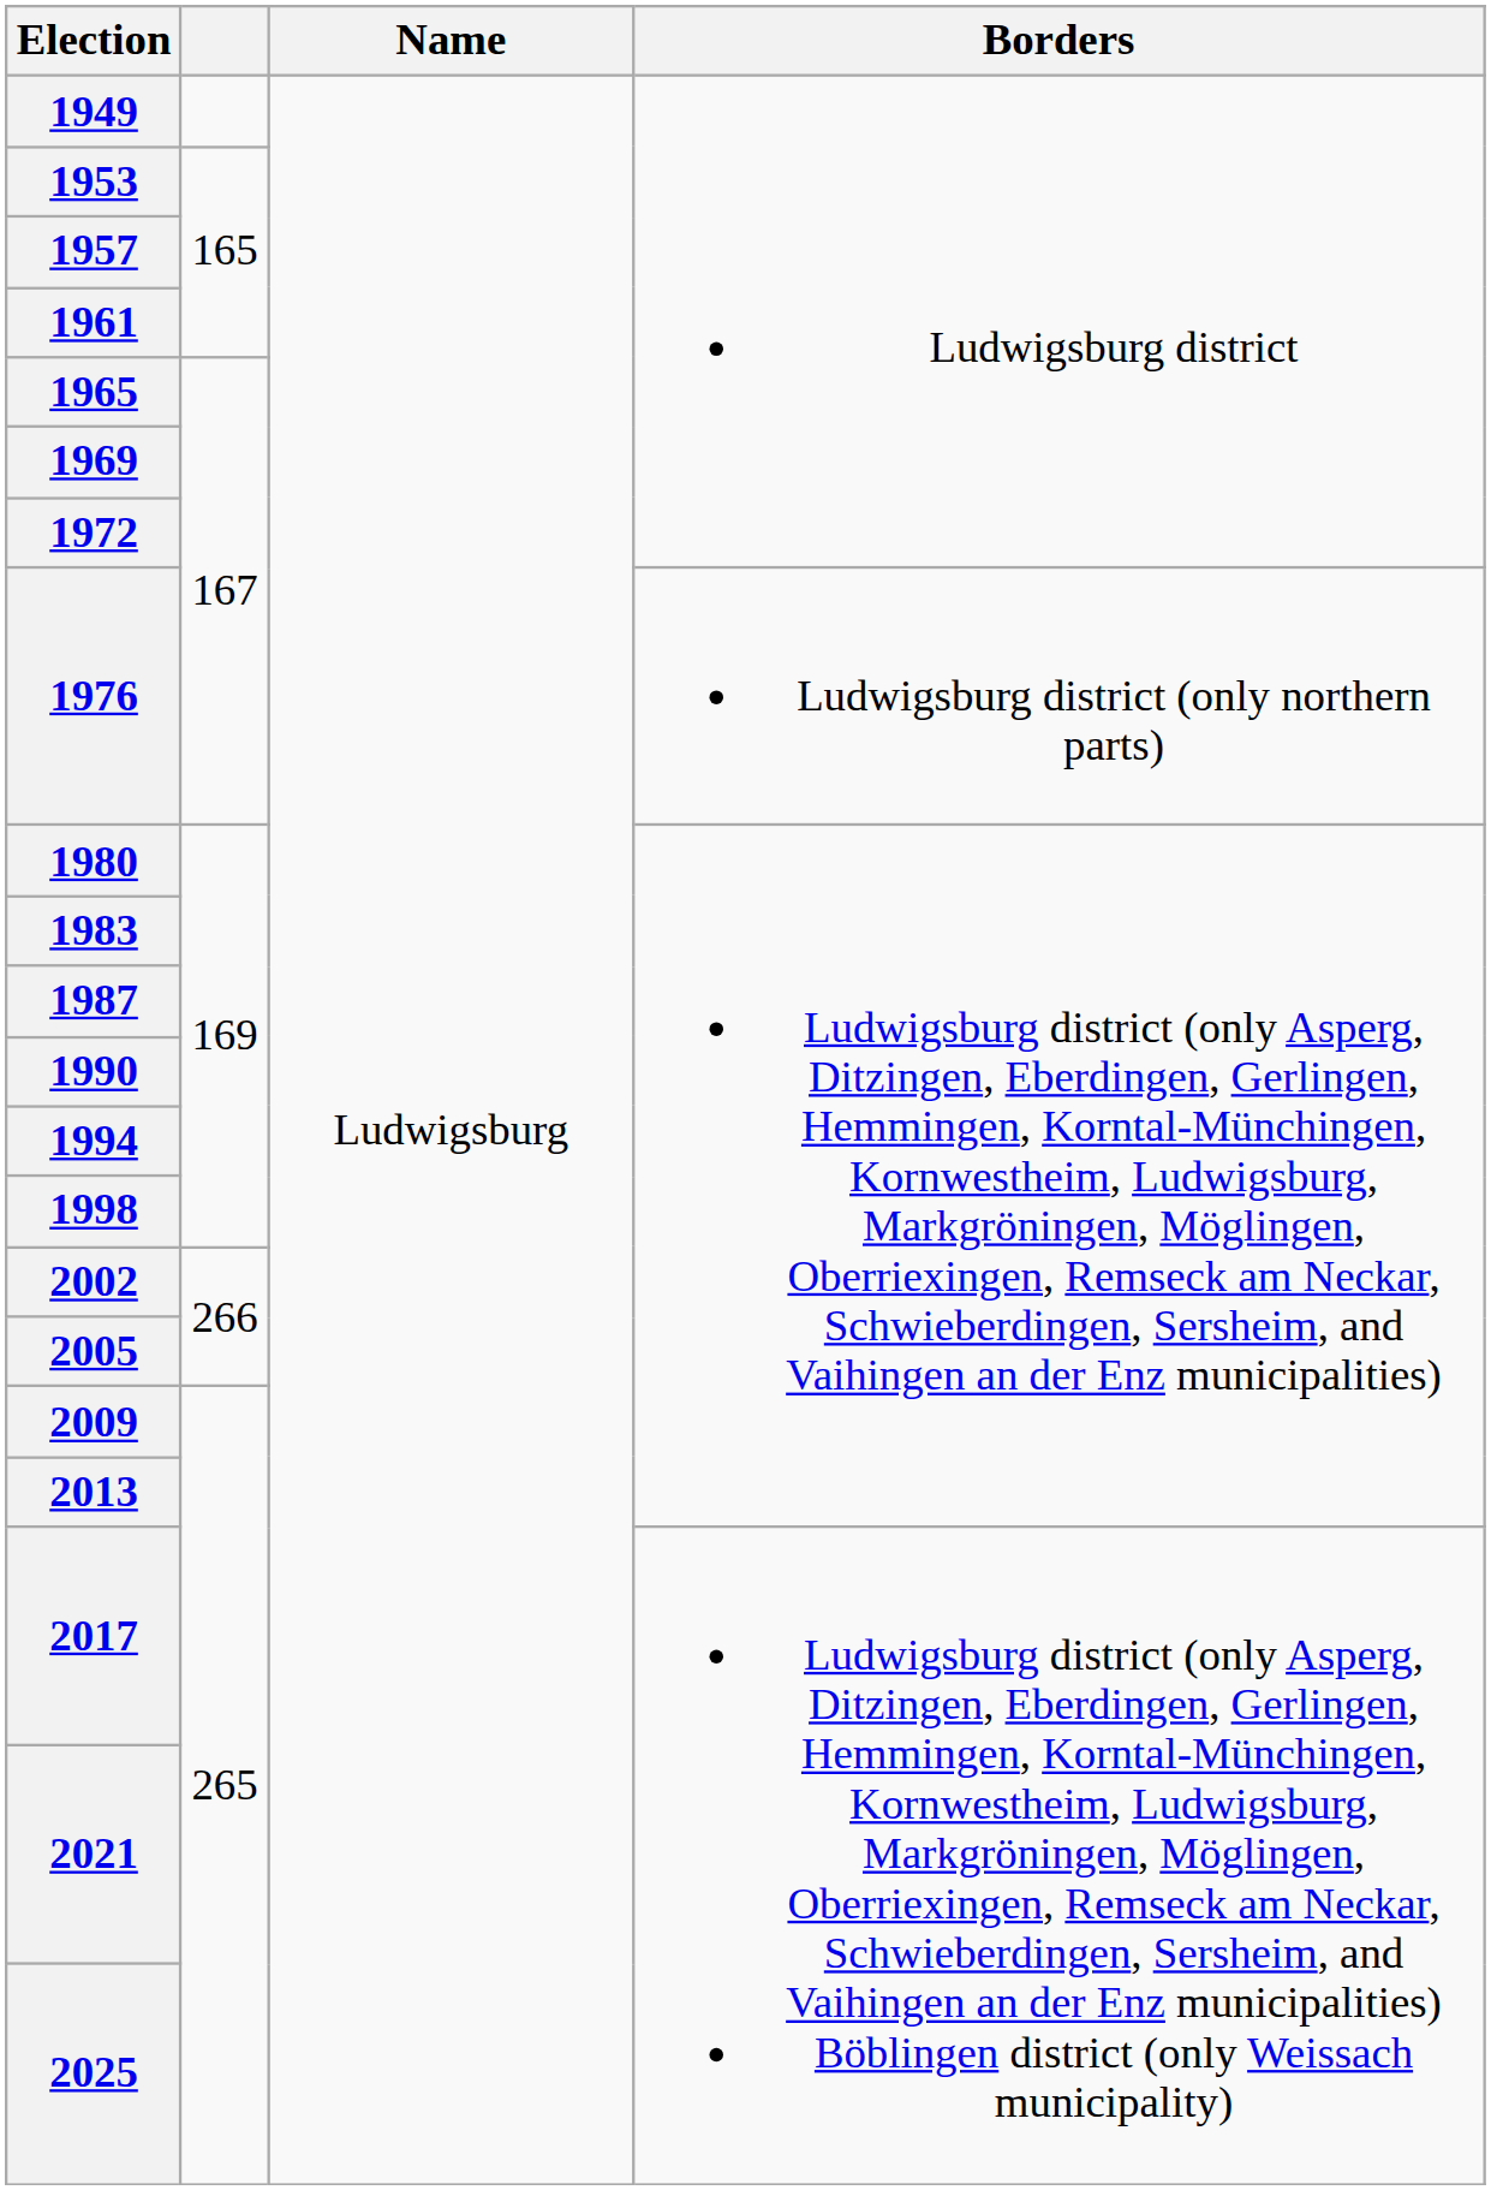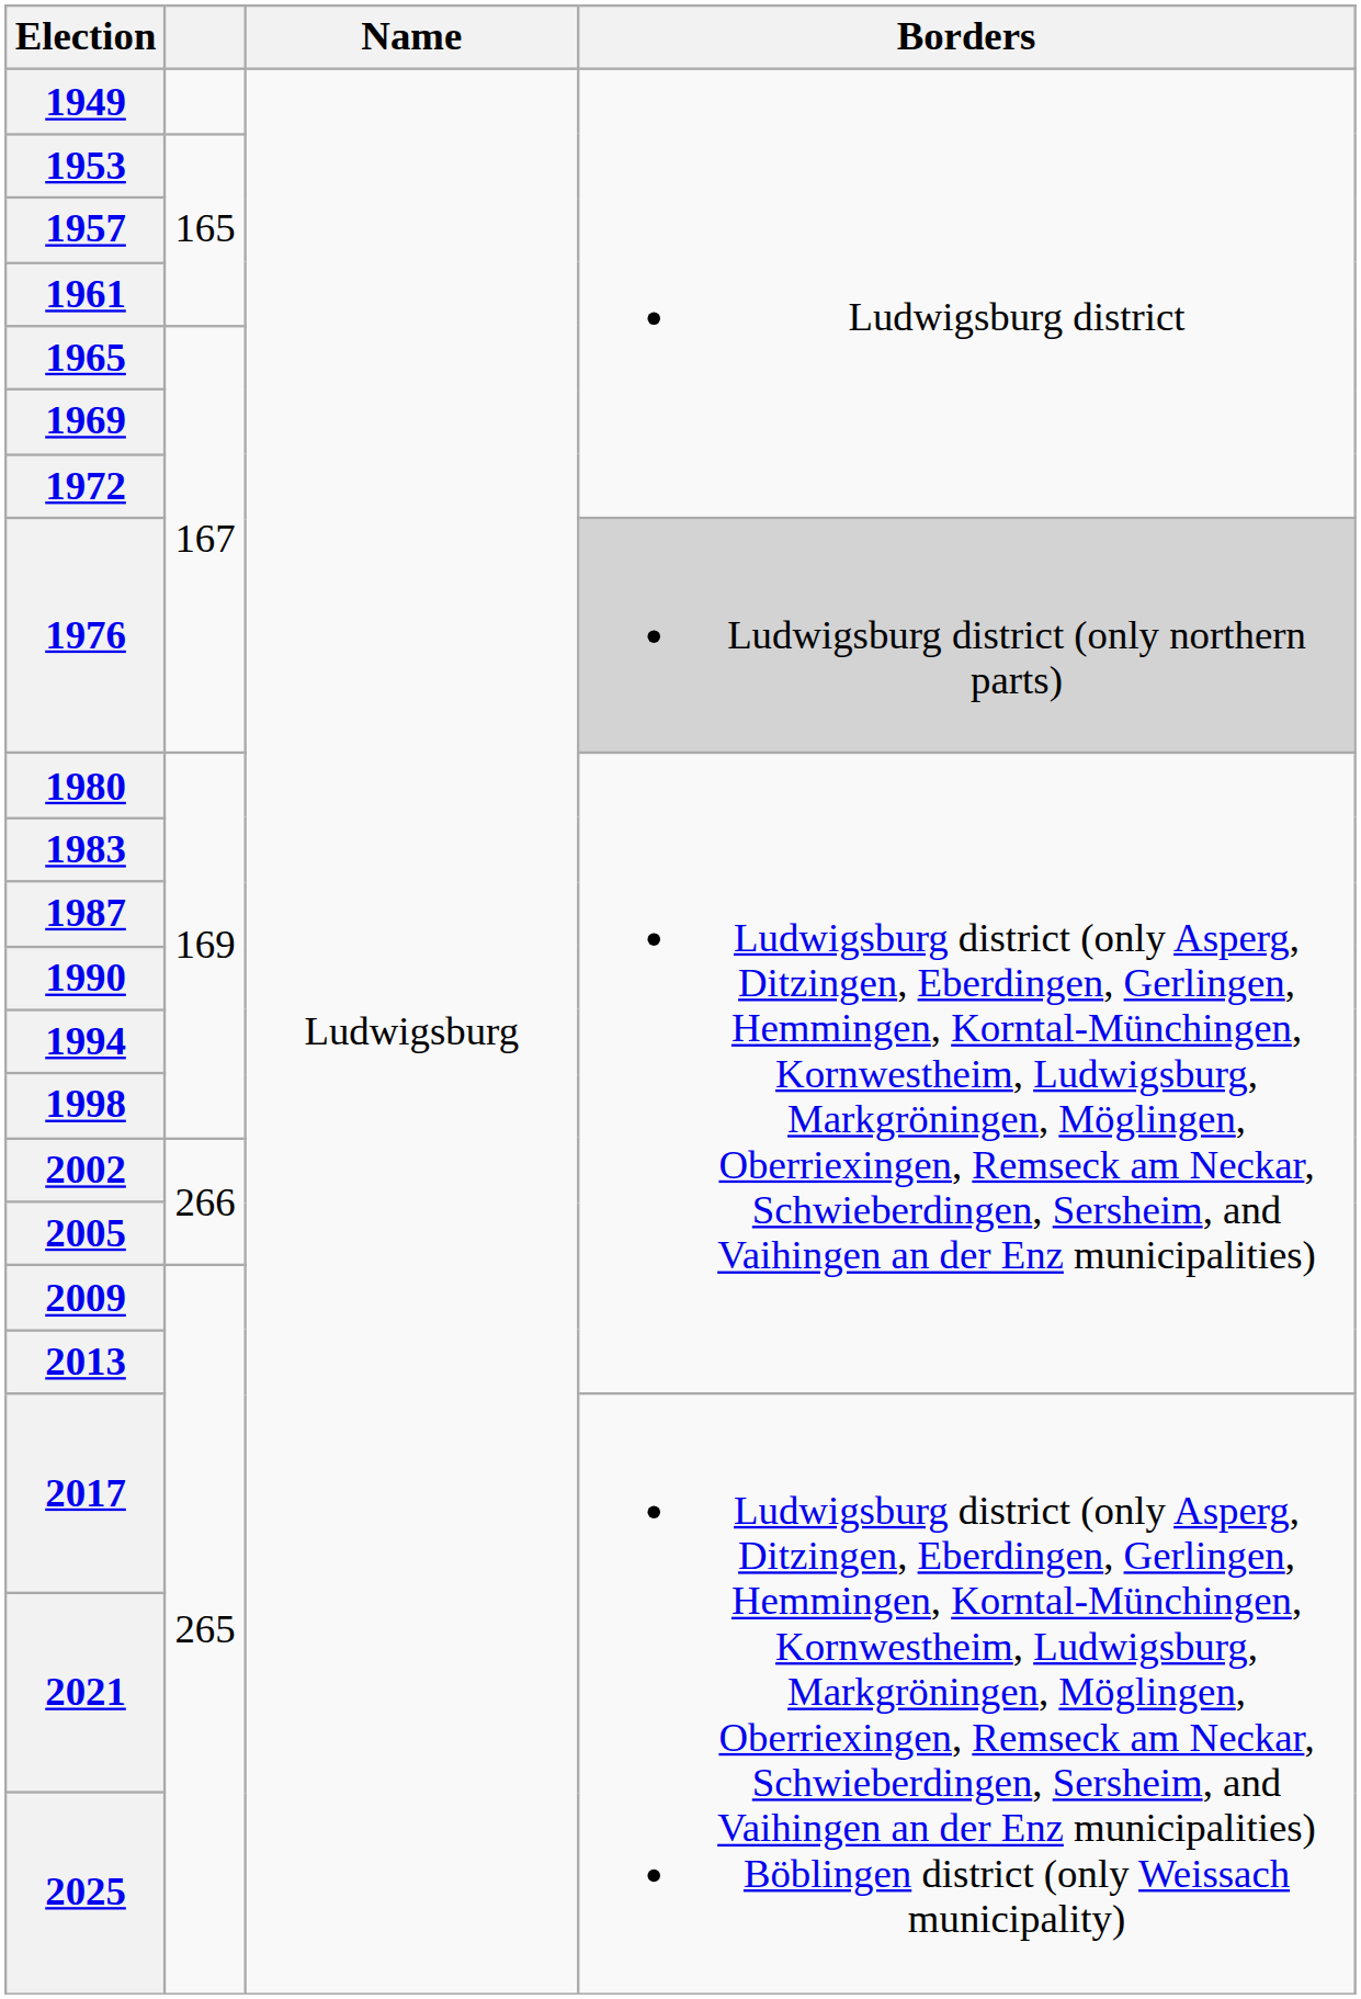 <table class=wikitable style="text-align:center">
 <tr>
 <th>Election</th>
 <th></th>
 <th width=125px>Name</th>
 <th width=300px>Borders</th>
 </tr>
 <tr>
 <th><a href='#'>1949</a></th>
 <td></td>
 <td rowspan=21>Ludwigsburg</td>
 <td rowspan=7><br><ul><li>Ludwigsburg district</li></ul></td>
 </tr>
 <tr>
 <th><a href='#'>1953</a></th>
 <td rowspan=3>165</td>
 </tr>
 <tr>
 <th><a href='#'>1957</a></th>
 </tr>
 <tr>
 <th><a href='#'>1961</a></th>
 </tr>
 <tr>
 <th><a href='#'>1965</a></th>
 <td rowspan=4>167</td>
 </tr>
 <tr>
 <th><a href='#'>1969</a></th>
 </tr>
 <tr>
 <th><a href='#'>1972</a></th>
 </tr>
 <tr>
 <th><a href='#'>1976</a></th>
-<td><br><ul><li>Ludwigsburg district (only northern parts)</li></ul></td>
+<td style="background: lightgrey;"><br><ul><li>Ludwigsburg district (only northern parts)</li></ul></td>
 </tr>
 <tr>
 <th><a href='#'>1980</a></th>
 <td rowspan=6>169</td>
 <td rowspan=10><br><ul><li><a href='#'>Ludwigsburg</a> district (only <a href='#'>Asperg</a>, <a href='#'>Ditzingen</a>, <a href='#'>Eberdingen</a>, <a href='#'>Gerlingen</a>, <a href='#'>Hemmingen</a>, <a href='#'>Korntal-Münchingen</a>, <a href='#'>Kornwestheim</a>, <a href='#'>Ludwigsburg</a>, <a href='#'>Markgröningen</a>, <a href='#'>Möglingen</a>, <a href='#'>Oberriexingen</a>, <a href='#'>Remseck am Neckar</a>, <a href='#'>Schwieberdingen</a>, <a href='#'>Sersheim</a>, and <a href='#'>Vaihingen an der Enz</a> municipalities)</li></ul></td>
 </tr>
 <tr>
 <th><a href='#'>1983</a></th>
 </tr>
 <tr>
 <th><a href='#'>1987</a></th>
 </tr>
 <tr>
 <th><a href='#'>1990</a></th>
 </tr>
 <tr>
 <th><a href='#'>1994</a></th>
 </tr>
 <tr>
 <th><a href='#'>1998</a></th>
 </tr>
 <tr>
 <th><a href='#'>2002</a></th>
 <td rowspan=2>266</td>
 </tr>
 <tr>
 <th><a href='#'>2005</a></th>
 </tr>
 <tr>
 <th><a href='#'>2009</a></th>
 <td rowspan=5>265</td>
 </tr>
 <tr>
 <th><a href='#'>2013</a></th>
 </tr>
 <tr>
 <th><a href='#'>2017</a></th>
 <td rowspan=3><br><ul><li><a href='#'>Ludwigsburg</a> district (only <a href='#'>Asperg</a>, <a href='#'>Ditzingen</a>, <a href='#'>Eberdingen</a>, <a href='#'>Gerlingen</a>, <a href='#'>Hemmingen</a>, <a href='#'>Korntal-Münchingen</a>, <a href='#'>Kornwestheim</a>, <a href='#'>Ludwigsburg</a>, <a href='#'>Markgröningen</a>, <a href='#'>Möglingen</a>, <a href='#'>Oberriexingen</a>, <a href='#'>Remseck am Neckar</a>, <a href='#'>Schwieberdingen</a>, <a href='#'>Sersheim</a>, and <a href='#'>Vaihingen an der Enz</a> municipalities)</li><li><a href='#'>Böblingen</a> district (only <a href='#'>Weissach</a> municipality)</li></ul></td>
 </tr>
 <tr>
 <th><a href='#'>2021</a></th>
 </tr>
 <tr>
 <th><a href='#'>2025</a></th>
 </tr>
 </table>
